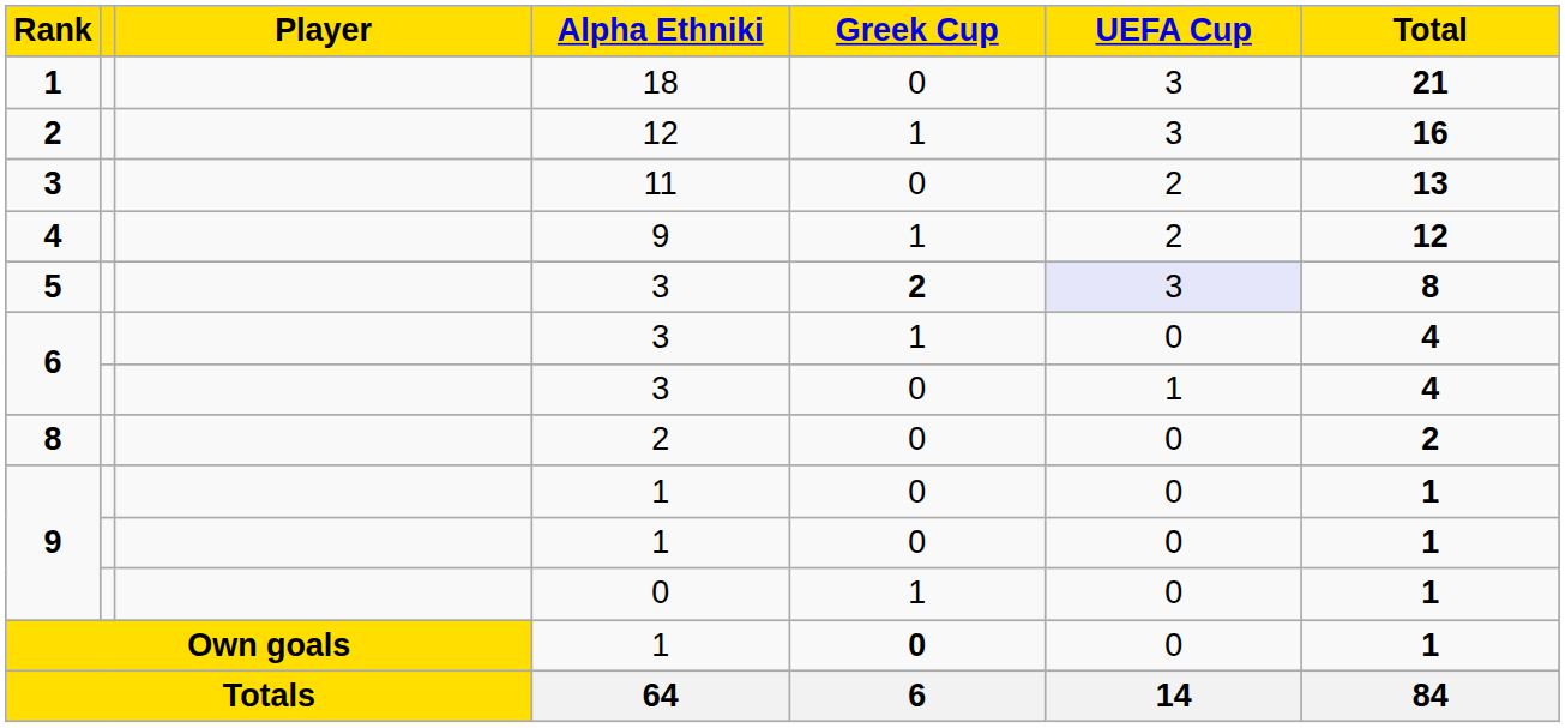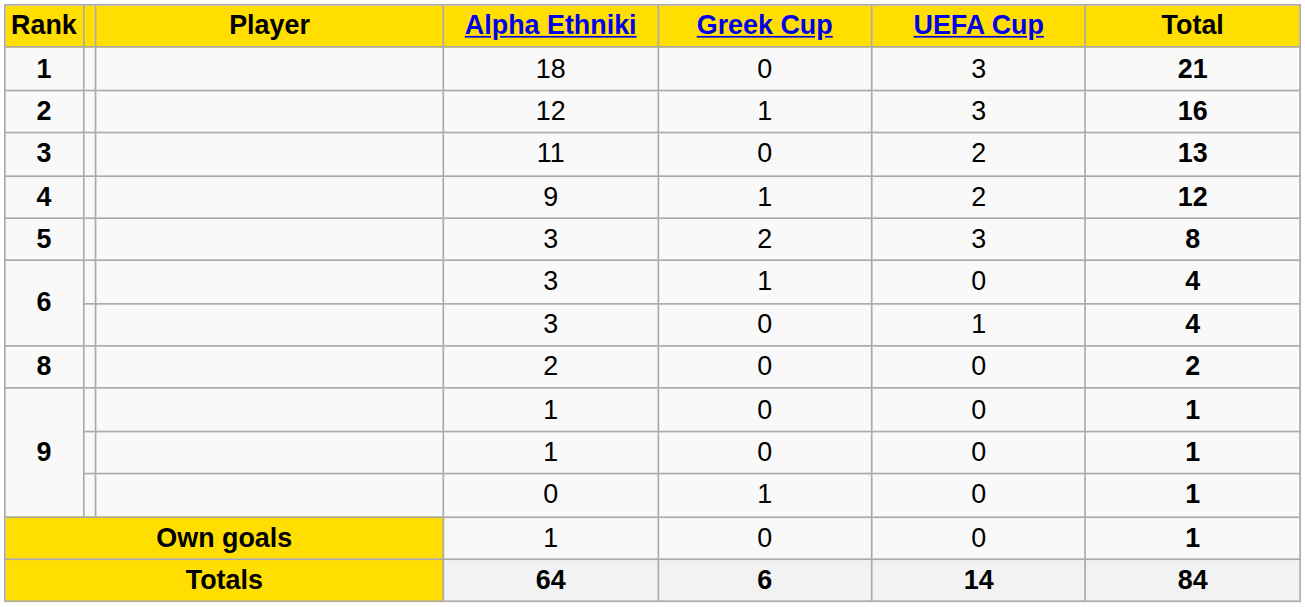 <table class="wikitable sortable" style="text-align: center">
 <tr>
 <th style="background:#FFDE00">Rank</th>
 <th style="background:#FFDE00"></th>
 <th width=200 style="background:#FFDE00">Player</th>
 <th width=120 style="background:#FFDE00"><a href='#'>Alpha Ethniki</a></th>
 <th width=120 style="background:#FFDE00"><a href='#'>Greek Cup</a></th>
 <th width=120 style="background:#FFDE00"><a href='#'>UEFA Cup</a></th>
 <th width=120 style="background:#FFDE00">Total</th>
 </tr>
 <tr>
 <td><strong>1</strong></td>
 <td></td>
 <td align=left></td>
 <td>18</td>
 <td>0</td>
 <td>3</td>
 <td><strong>21</strong></td>
 </tr>
 <tr>
 <td><strong>2</strong></td>
 <td></td>
 <td align=left></td>
 <td>12</td>
 <td>1</td>
 <td>3</td>
 <td><strong>16</strong></td>
 </tr>
 <tr>
 <td><strong>3</strong></td>
 <td></td>
 <td align=left></td>
 <td>11</td>
 <td>0</td>
 <td>2</td>
 <td><strong>13</strong></td>
 </tr>
 <tr>
 <td><strong>4</strong></td>
 <td></td>
 <td align=left></td>
 <td>9</td>
 <td>1</td>
 <td>2</td>
 <td><strong>12</strong></td>
 </tr>
 <tr>
 <td><strong>5</strong></td>
 <td></td>
 <td align=left></td>
 <td>3</td>
-<td><strong>2</strong></td>
-<td style="background: lavender;">3</td>
+<td>2</td>
+<td>3</td>
 <td><strong>8</strong></td>
 </tr>
 <tr>
 <td rowspan=2><strong>6</strong></td>
 <td></td>
 <td align=left></td>
 <td>3</td>
 <td>1</td>
 <td>0</td>
 <td><strong>4</strong></td>
 </tr>
 <tr>
 <td></td>
 <td align=left></td>
 <td>3</td>
 <td>0</td>
 <td>1</td>
 <td><strong>4</strong></td>
 </tr>
 <tr>
 <td><strong>8</strong></td>
 <td></td>
 <td align=left></td>
 <td>2</td>
 <td>0</td>
 <td>0</td>
 <td><strong>2</strong></td>
 </tr>
 <tr>
 <td rowspan=3><strong>9</strong></td>
 <td></td>
 <td align=left></td>
 <td>1</td>
 <td>0</td>
 <td>0</td>
 <td><strong>1</strong></td>
 </tr>
 <tr>
 <td></td>
 <td align=left></td>
 <td>1</td>
 <td>0</td>
 <td>0</td>
 <td><strong>1</strong></td>
 </tr>
 <tr>
 <td></td>
 <td align=left></td>
 <td>0</td>
 <td>1</td>
 <td>0</td>
 <td><strong>1</strong></td>
 </tr>
 <tr class="sortbottom">
 <td colspan=3 style="background:#FFDE00"><strong>Own goals</strong></td>
 <td>1</td>
-<td><strong>0</strong></td>
+<td>0</td>
 <td>0</td>
 <td><strong>1</strong></td>
 </tr>
 <tr class="sortbottom">
 <th colspan=3 style="background:#FFDE00"><strong>Totals</strong></th>
 <th><strong>64</strong></th>
 <th><strong> 6</strong></th>
 <th><strong>14</strong></th>
 <th><strong>84</strong></th>
 </tr>
 </table>
